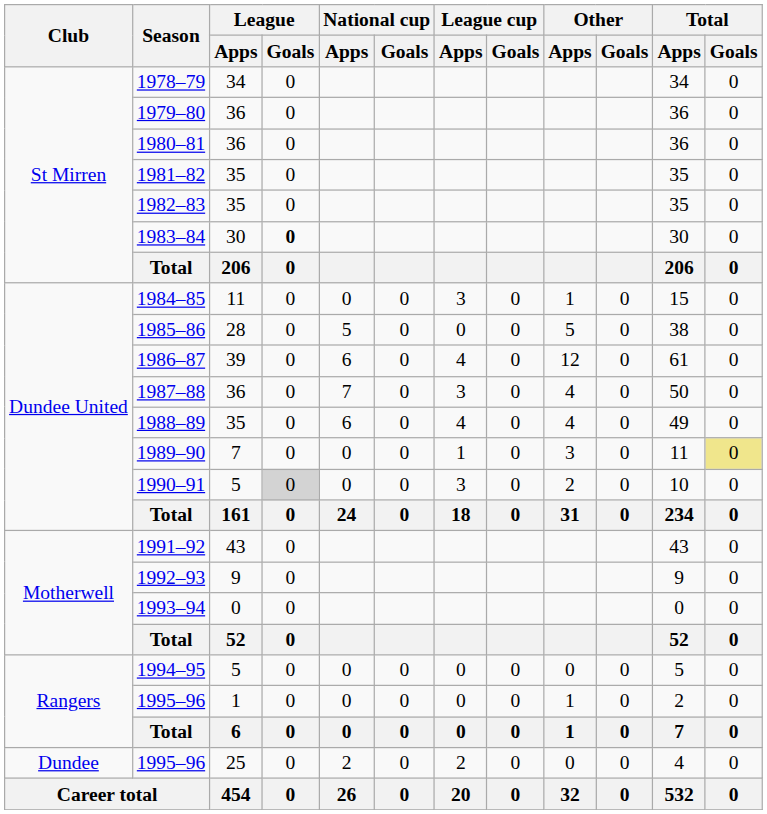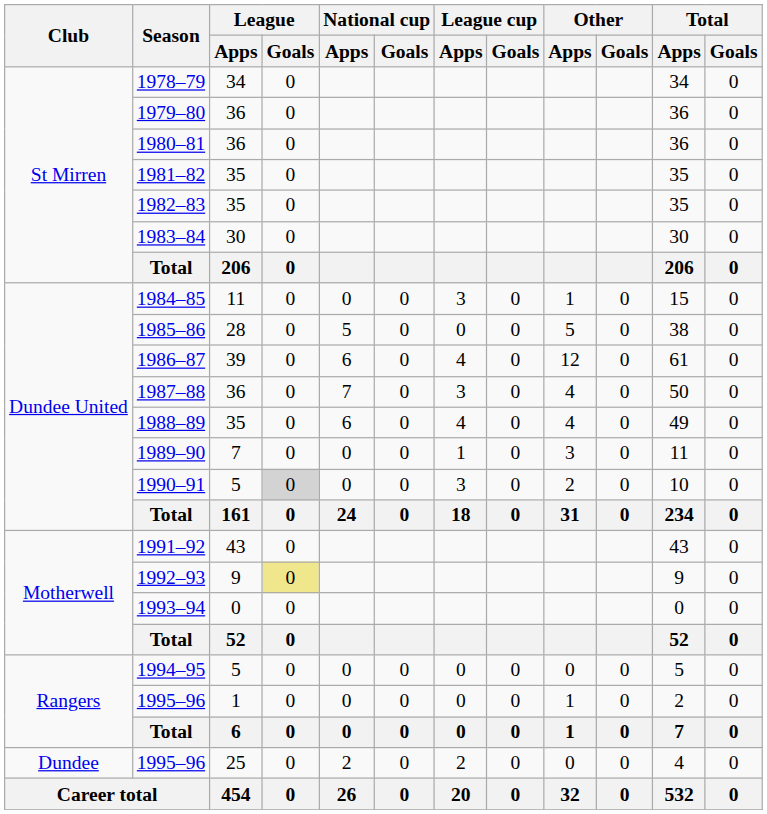 <table class="wikitable" style="text-align:center">
 <tr>
 <th rowspan="2">Club</th>
 <th rowspan="2">Season</th>
 <th colspan="2">League</th>
 <th colspan="2">National cup</th>
 <th colspan="2">League cup</th>
 <th colspan="2">Other</th>
 <th colspan="2">Total</th>
 </tr>
 <tr>
 <th>Apps</th>
 <th>Goals</th>
 <th>Apps</th>
 <th>Goals</th>
 <th>Apps</th>
 <th>Goals</th>
 <th>Apps</th>
 <th>Goals</th>
 <th>Apps</th>
 <th>Goals</th>
 </tr>
 <tr>
 <td rowspan="7"><a href='#'>St Mirren</a></td>
 <td><a href='#'>1978–79</a></td>
 <td>34</td>
 <td>0</td>
 <td></td>
 <td></td>
 <td></td>
 <td></td>
 <td></td>
 <td></td>
 <td>34</td>
 <td>0</td>
 </tr>
 <tr>
 <td><a href='#'>1979–80</a></td>
 <td>36</td>
 <td>0</td>
 <td></td>
 <td></td>
 <td></td>
 <td></td>
 <td></td>
 <td></td>
 <td>36</td>
 <td>0</td>
 </tr>
 <tr>
 <td><a href='#'>1980–81</a></td>
 <td>36</td>
 <td>0</td>
 <td></td>
 <td></td>
 <td></td>
 <td></td>
 <td></td>
 <td></td>
 <td>36</td>
 <td>0</td>
 </tr>
 <tr>
 <td><a href='#'>1981–82</a></td>
 <td>35</td>
 <td>0</td>
 <td></td>
 <td></td>
 <td></td>
 <td></td>
 <td></td>
 <td></td>
 <td>35</td>
 <td>0</td>
 </tr>
 <tr>
 <td><a href='#'>1982–83</a></td>
 <td>35</td>
 <td>0</td>
 <td></td>
 <td></td>
 <td></td>
 <td></td>
 <td></td>
 <td></td>
 <td>35</td>
 <td>0</td>
 </tr>
 <tr>
 <td><a href='#'>1983–84</a></td>
 <td>30</td>
-<td><strong>0</strong></td>
+<td>0</td>
 <td></td>
 <td></td>
 <td></td>
 <td></td>
 <td></td>
 <td></td>
 <td>30</td>
 <td>0</td>
 </tr>
 <tr>
 <th>Total</th>
 <th>206</th>
 <th>0</th>
 <th></th>
 <th></th>
 <th></th>
 <th></th>
 <th></th>
 <th></th>
 <th>206</th>
 <th>0</th>
 </tr>
 <tr>
 <td rowspan="8"><a href='#'>Dundee United</a></td>
 <td><a href='#'>1984–85</a></td>
 <td>11</td>
 <td>0</td>
 <td>0</td>
 <td>0</td>
 <td>3</td>
 <td>0</td>
 <td>1</td>
 <td>0</td>
 <td>15</td>
 <td>0</td>
 </tr>
 <tr>
 <td><a href='#'>1985–86</a></td>
 <td>28</td>
 <td>0</td>
 <td>5</td>
 <td>0</td>
 <td>0</td>
 <td>0</td>
 <td>5</td>
 <td>0</td>
 <td>38</td>
 <td>0</td>
 </tr>
 <tr>
 <td><a href='#'>1986–87</a></td>
 <td>39</td>
 <td>0</td>
 <td>6</td>
 <td>0</td>
 <td>4</td>
 <td>0</td>
 <td>12</td>
 <td>0</td>
 <td>61</td>
 <td>0</td>
 </tr>
 <tr>
 <td><a href='#'>1987–88</a></td>
 <td>36</td>
 <td>0</td>
 <td>7</td>
 <td>0</td>
 <td>3</td>
 <td>0</td>
 <td>4</td>
 <td>0</td>
 <td>50</td>
 <td>0</td>
 </tr>
 <tr>
 <td><a href='#'>1988–89</a></td>
 <td>35</td>
 <td>0</td>
 <td>6</td>
 <td>0</td>
 <td>4</td>
 <td>0</td>
 <td>4</td>
 <td>0</td>
 <td>49</td>
 <td>0</td>
 </tr>
 <tr>
 <td><a href='#'>1989–90</a></td>
 <td>7</td>
 <td>0</td>
 <td>0</td>
 <td>0</td>
 <td>1</td>
 <td>0</td>
 <td>3</td>
 <td>0</td>
 <td>11</td>
-<td style="background: khaki;">0</td>
+<td>0</td>
 </tr>
 <tr>
 <td><a href='#'>1990–91</a></td>
 <td>5</td>
 <td style="background: lightgrey;">0</td>
 <td>0</td>
 <td>0</td>
 <td>3</td>
 <td>0</td>
 <td>2</td>
 <td>0</td>
 <td>10</td>
 <td>0</td>
 </tr>
 <tr>
 <th>Total</th>
 <th>161</th>
 <th>0</th>
 <th>24</th>
 <th>0</th>
 <th>18</th>
 <th>0</th>
 <th>31</th>
 <th>0</th>
 <th>234</th>
 <th>0</th>
 </tr>
 <tr>
 <td rowspan="4"><a href='#'>Motherwell</a></td>
 <td><a href='#'>1991–92</a></td>
 <td>43</td>
 <td>0</td>
 <td></td>
 <td></td>
 <td></td>
 <td></td>
 <td></td>
 <td></td>
 <td>43</td>
 <td>0</td>
 </tr>
 <tr>
 <td><a href='#'>1992–93</a></td>
 <td>9</td>
-<td>0</td>
+<td style="background: khaki;">0</td>
 <td></td>
 <td></td>
 <td></td>
 <td></td>
 <td></td>
 <td></td>
 <td>9</td>
 <td>0</td>
 </tr>
 <tr>
 <td><a href='#'>1993–94</a></td>
 <td>0</td>
 <td>0</td>
 <td></td>
 <td></td>
 <td></td>
 <td></td>
 <td></td>
 <td></td>
 <td>0</td>
 <td>0</td>
 </tr>
 <tr>
 <th>Total</th>
 <th>52</th>
 <th>0</th>
 <th></th>
 <th></th>
 <th></th>
 <th></th>
 <th></th>
 <th></th>
 <th>52</th>
 <th>0</th>
 </tr>
 <tr>
 <td rowspan="3"><a href='#'>Rangers</a></td>
 <td><a href='#'>1994–95</a></td>
 <td>5</td>
 <td>0</td>
 <td>0</td>
 <td>0</td>
 <td>0</td>
 <td>0</td>
 <td>0</td>
 <td>0</td>
 <td>5</td>
 <td>0</td>
 </tr>
 <tr>
 <td><a href='#'>1995–96</a></td>
 <td>1</td>
 <td>0</td>
 <td>0</td>
 <td>0</td>
 <td>0</td>
 <td>0</td>
 <td>1</td>
 <td>0</td>
 <td>2</td>
 <td>0</td>
 </tr>
 <tr>
 <th>Total</th>
 <th>6</th>
 <th>0</th>
 <th>0</th>
 <th>0</th>
 <th>0</th>
 <th>0</th>
 <th>1</th>
 <th>0</th>
 <th>7</th>
 <th>0</th>
 </tr>
 <tr>
 <td><a href='#'>Dundee</a></td>
 <td><a href='#'>1995–96</a></td>
 <td>25</td>
 <td>0</td>
 <td>2</td>
 <td>0</td>
 <td>2</td>
 <td>0</td>
 <td>0</td>
 <td>0</td>
 <td>4</td>
 <td>0</td>
 </tr>
 <tr>
 <th colspan="2">Career total</th>
 <th>454</th>
 <th>0</th>
 <th>26</th>
 <th>0</th>
 <th>20</th>
 <th>0</th>
 <th>32</th>
 <th>0</th>
 <th>532</th>
 <th>0</th>
 </tr>
 </table>
